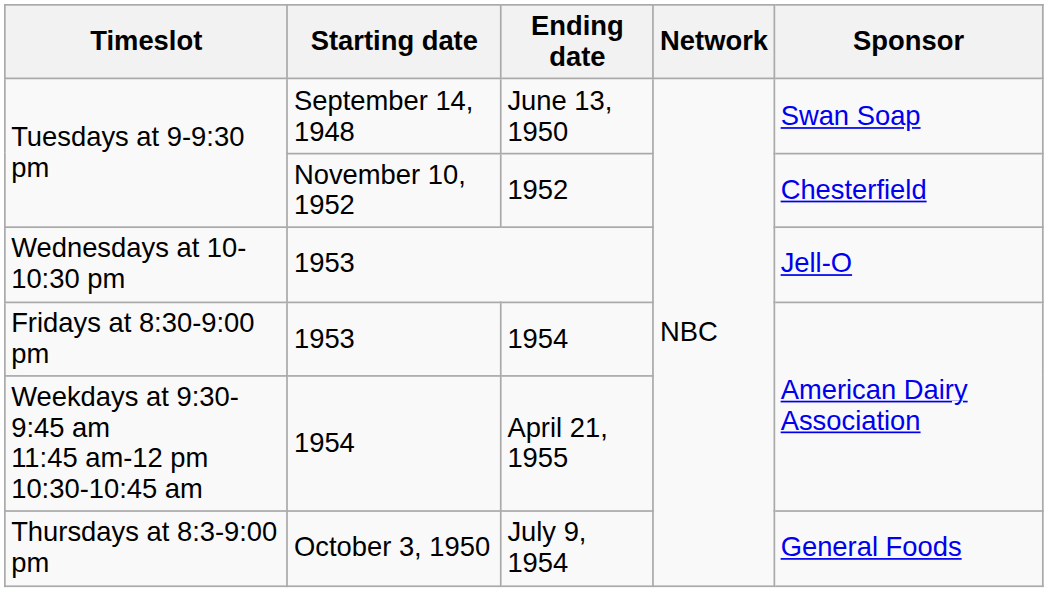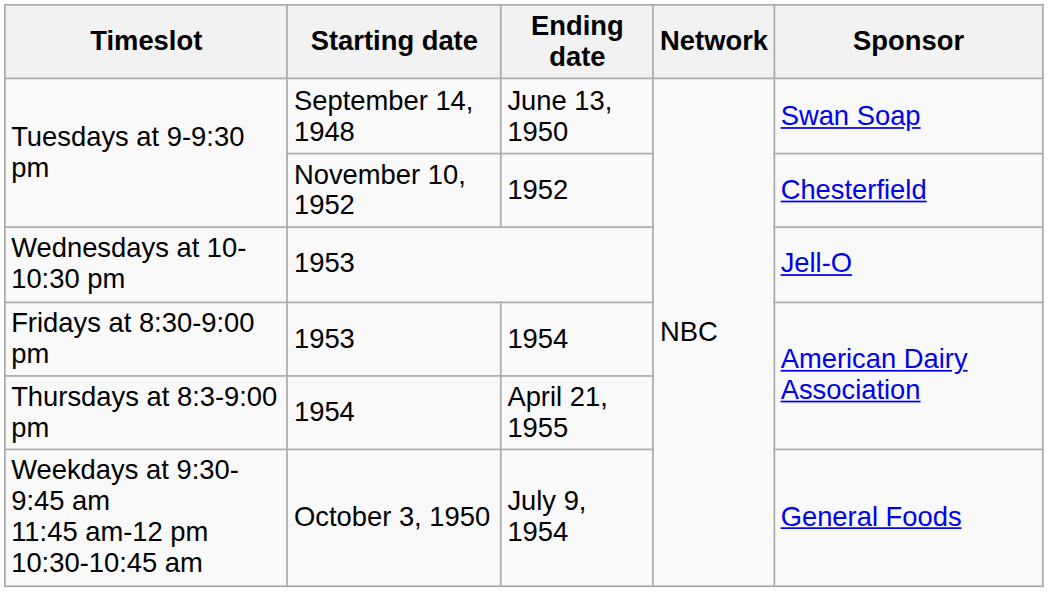 <table class="wikitable sortable">
 <tr>
 <th>Timeslot</th>
 <th>Starting date</th>
 <th>Ending date</th>
 <th>Network</th>
 <th>Sponsor</th>
 </tr>
 <tr>
 <td rowspan="2">Tuesdays at 9-9:30 pm</td>
 <td>September 14, 1948</td>
 <td>June 13, 1950</td>
 <td rowspan="6">NBC</td>
 <td><a href='#'>Swan Soap</a></td>
 </tr>
 <tr>
 <td>November 10, 1952</td>
 <td>1952</td>
 <td><a href='#'>Chesterfield</a></td>
 </tr>
 <tr>
 <td>Wednesdays at 10-10:30 pm</td>
 <td colspan="2">1953</td>
 <td><a href='#'>Jell-O</a></td>
 </tr>
 <tr>
 <td>Fridays at 8:30-9:00 pm</td>
 <td>1953</td>
 <td>1954</td>
 <td rowspan="2"><a href='#'>American Dairy Association</a></td>
 </tr>
 <tr>
-<td>Weekdays at 9:30-9:45 am <br> 11:45 am-12 pm <br> 10:30-10:45 am</td>
+<td>Thursdays at 8:3-9:00 pm</td>
 <td>1954</td>
 <td>April 21, 1955</td>
 </tr>
 <tr>
-<td>Thursdays at 8:3-9:00 pm</td>
+<td>Weekdays at 9:30-9:45 am <br> 11:45 am-12 pm <br> 10:30-10:45 am</td>
 <td>October 3, 1950</td>
 <td>July 9, 1954</td>
 <td><a href='#'>General Foods</a></td>
 </tr>
 </table>
